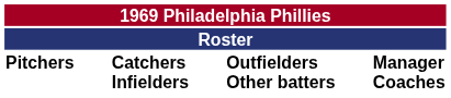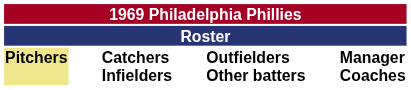 <table class="toccolours" style="font-size: 95%;">
 <tr>
 <th colspan="10" style="background-color: #A50024; color: white; text-align: center;">1969 Philadelphia Phillies</th>
 </tr>
 <tr>
 <td colspan="10" style="background-color: #263473; color: white; text-align: center;"><strong>Roster</strong></td>
 </tr>
 <tr>
-<td valign="top"><strong>Pitchers</strong><br>              </td>
+<td valign="top" style="background: khaki;"><strong>Pitchers</strong><br>              </td>
 <td width="25px"></td>
 <td valign="top"><strong>Catchers</strong><br>   <strong>Infielders</strong>       </td>
 <td width="25px"></td>
 <td valign="top"><strong>Outfielders</strong><br>        <strong>Other batters</strong> </td>
 <td width="25px"></td>
 <td valign="top"><strong>Manager</strong><br>  <strong>Coaches</strong>    </td>
 </tr>
 <tr>
 </tr>
 </table>
